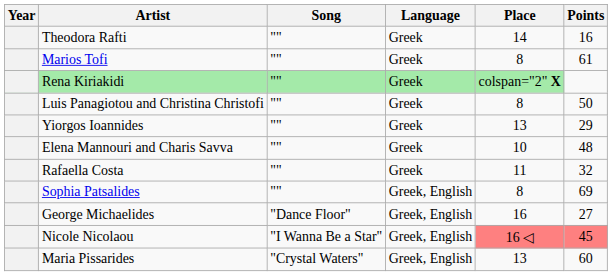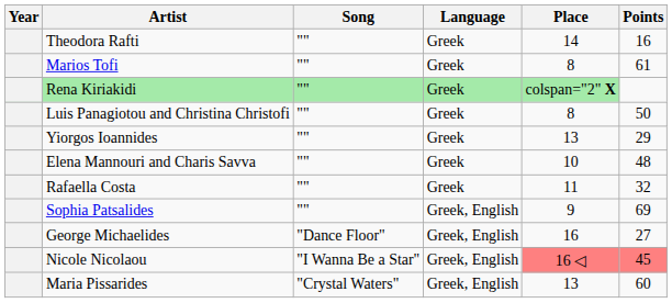 <table class="wikitable sortable plainrowheaders">
 <tr>
 <th scope="col">Year</th>
 <th scope="col">Artist</th>
 <th scope="col">Song</th>
 <th scope="col">Language</th>
 <th scope="col" data-sort-type="number">Place</th>
 <th scope="col" data-sort-type="number">Points</th>
 </tr>
 <tr>
 <th scope="row" style="text-align:center;"></th>
 <td>Theodora Rafti</td>
 <td>"" </td>
 <td>Greek</td>
 <td style="text-align:center;">14</td>
 <td style="text-align:center;">16</td>
 </tr>
 <tr>
 <th scope="row" style="text-align:center;"></th>
 <td><a href='#'>Marios Tofi</a></td>
 <td>"" </td>
 <td>Greek</td>
 <td style="text-align:center;">8</td>
 <td style="text-align:center;">61</td>
 </tr>
 <tr style="background-color:#A4EAA9;">
 <th scope="row" style="text-align:center;"></th>
 <td>Rena Kiriakidi</td>
 <td>"" </td>
 <td>Greek</td>
 <td>colspan="2"  <strong>X</strong></td>
 </tr>
 <tr>
 <th scope="row" style="text-align:center;"></th>
 <td>Luis Panagiotou and Christina Christofi</td>
 <td>"" </td>
 <td>Greek</td>
 <td style="text-align:center;">8</td>
 <td style="text-align:center;">50</td>
 </tr>
 <tr>
 <th scope="row" style="text-align:center;"></th>
 <td>Yiorgos Ioannides</td>
 <td>"" </td>
 <td>Greek</td>
 <td style="text-align:center;">13</td>
 <td style="text-align:center;">29</td>
 </tr>
 <tr>
 <th scope="row" style="text-align:center;"></th>
 <td>Elena Mannouri and Charis Savva</td>
 <td>"" </td>
 <td>Greek</td>
 <td style="text-align:center;">10</td>
 <td style="text-align:center;">48</td>
 </tr>
 <tr>
 <th scope="row" style="text-align:center;"></th>
 <td>Rafaella Costa</td>
 <td>"" </td>
 <td>Greek</td>
 <td style="text-align:center;">11</td>
 <td style="text-align:center;">32</td>
 </tr>
 <tr>
 <th scope="row" style="text-align:center;"></th>
 <td><a href='#'>Sophia Patsalides</a></td>
 <td>"" </td>
 <td>Greek, English</td>
-<td style="text-align:center;">8</td>
+<td style="text-align:center;">9</td>
 <td style="text-align:center;">69</td>
 </tr>
 <tr>
 <th scope="row" style="text-align:center;"></th>
 <td>George Michaelides</td>
 <td>"Dance Floor"</td>
 <td>Greek, English</td>
 <td style="text-align:center;">16</td>
 <td style="text-align:center;">27</td>
 </tr>
 <tr>
 <th scope="row" style="text-align:center;"></th>
 <td>Nicole Nicolaou</td>
 <td>"I Wanna Be a Star"</td>
 <td>Greek, English</td>
 <td style="text-align:center; background-color:#FE8080;">16 ◁</td>
 <td style="text-align:center; background-color:#FE8080;">45</td>
 </tr>
 <tr>
 <th scope="row" style="text-align:center;"></th>
 <td>Maria Pissarides</td>
 <td>"Crystal Waters"</td>
 <td>Greek, English</td>
 <td style="text-align:center;">13</td>
 <td style="text-align:center;">60</td>
 </tr>
 </table>
